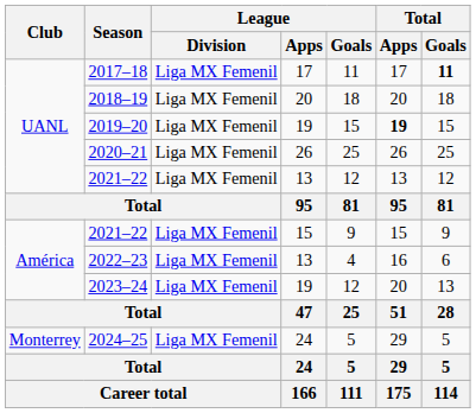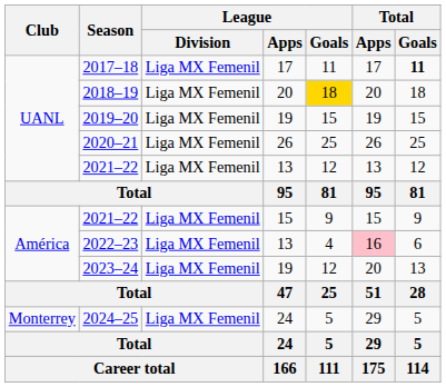 <table class=wikitable style="text-align: center;">
 <tr>
 <th rowspan=2>Club</th>
 <th rowspan=2>Season</th>
 <th colspan=3>League</th>
 <th colspan=2>Total</th>
 </tr>
 <tr>
 <th>Division</th>
 <th>Apps</th>
 <th>Goals</th>
 <th>Apps</th>
 <th>Goals</th>
 </tr>
 <tr>
 <td rowspan=5><a href='#'>UANL</a></td>
 <td><a href='#'>2017–18</a></td>
 <td><a href='#'>Liga MX Femenil</a></td>
 <td>17</td>
 <td>11</td>
 <td>17</td>
 <td><strong>11</strong></td>
 </tr>
 <tr>
 <td><a href='#'>2018–19</a></td>
 <td>Liga MX Femenil</td>
 <td>20</td>
-<td>18</td>
+<td style="background: gold;">18</td>
 <td>20</td>
 <td>18</td>
 </tr>
 <tr>
 <td><a href='#'>2019–20</a></td>
 <td>Liga MX Femenil</td>
 <td>19</td>
 <td>15</td>
-<td><strong>19</strong></td>
+<td>19</td>
 <td>15</td>
 </tr>
 <tr>
 <td><a href='#'>2020–21</a></td>
 <td>Liga MX Femenil</td>
 <td>26</td>
 <td>25</td>
 <td>26</td>
 <td>25</td>
 </tr>
 <tr>
 <td><a href='#'>2021–22</a></td>
 <td>Liga MX Femenil</td>
 <td>13</td>
 <td>12</td>
 <td>13</td>
 <td>12</td>
 </tr>
 <tr>
 <th colspan=3>Total</th>
 <th>95</th>
 <th>81</th>
 <th>95</th>
 <th>81</th>
 </tr>
 <tr>
 <td rowspan=3><a href='#'>América</a></td>
 <td><a href='#'>2021–22</a></td>
 <td><a href='#'>Liga MX Femenil</a></td>
 <td>15</td>
 <td>9</td>
 <td>15</td>
 <td>9</td>
 </tr>
 <tr>
 <td><a href='#'>2022–23</a></td>
 <td><a href='#'>Liga MX Femenil</a></td>
 <td>13</td>
 <td>4</td>
-<td>16</td>
+<td style="background: pink;">16</td>
 <td>6</td>
 </tr>
 <tr>
 <td><a href='#'>2023–24</a></td>
 <td><a href='#'>Liga MX Femenil</a></td>
 <td>19</td>
 <td>12</td>
 <td>20</td>
 <td>13</td>
 </tr>
 <tr>
 <th colspan=3>Total</th>
 <th>47</th>
 <th>25</th>
 <th>51</th>
 <th>28</th>
 </tr>
 <tr>
 <td rowspan=1><a href='#'>Monterrey</a></td>
 <td><a href='#'>2024–25</a></td>
 <td><a href='#'>Liga MX Femenil</a></td>
 <td>24</td>
 <td>5</td>
 <td>29</td>
 <td>5</td>
 </tr>
 <tr>
 <th colspan=3>Total</th>
 <th>24</th>
 <th>5</th>
 <th>29</th>
 <th>5</th>
 </tr>
 <tr>
 <th colspan="3">Career total</th>
 <th colspan="1">166</th>
 <th>111</th>
 <th colspan="1">175</th>
 <th>114</th>
 </tr>
 </table>
